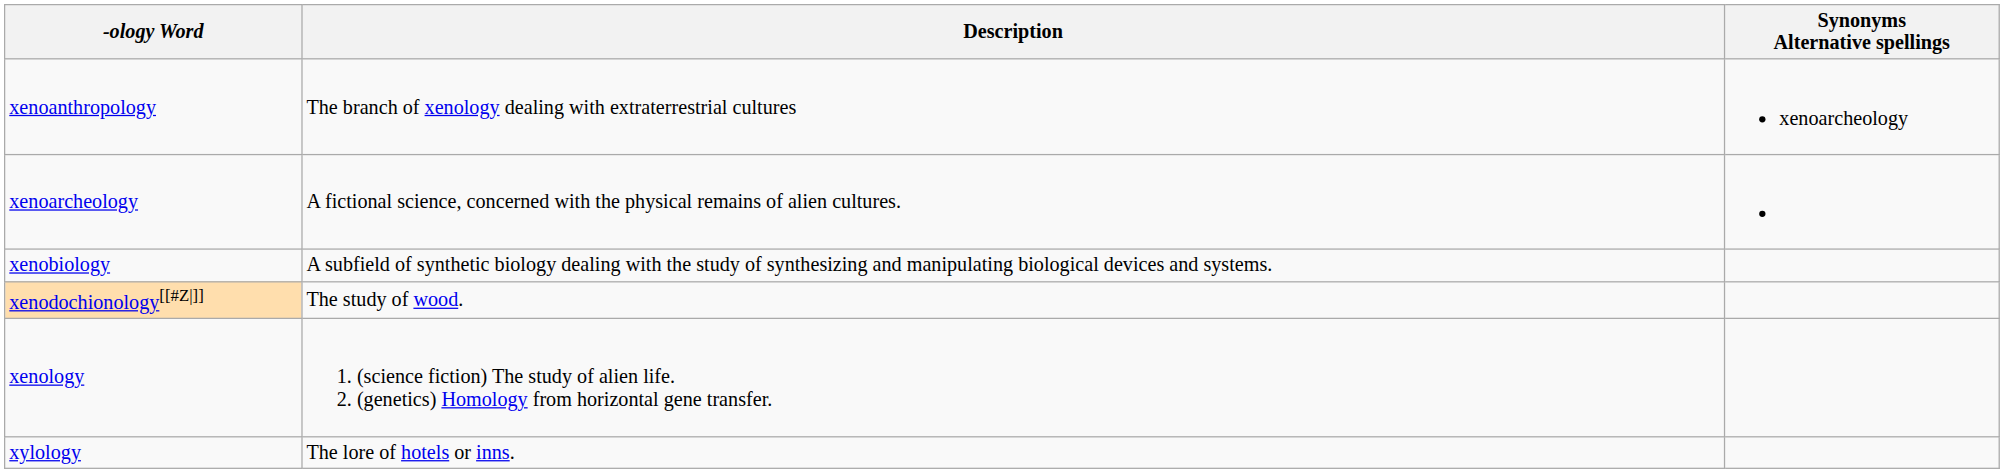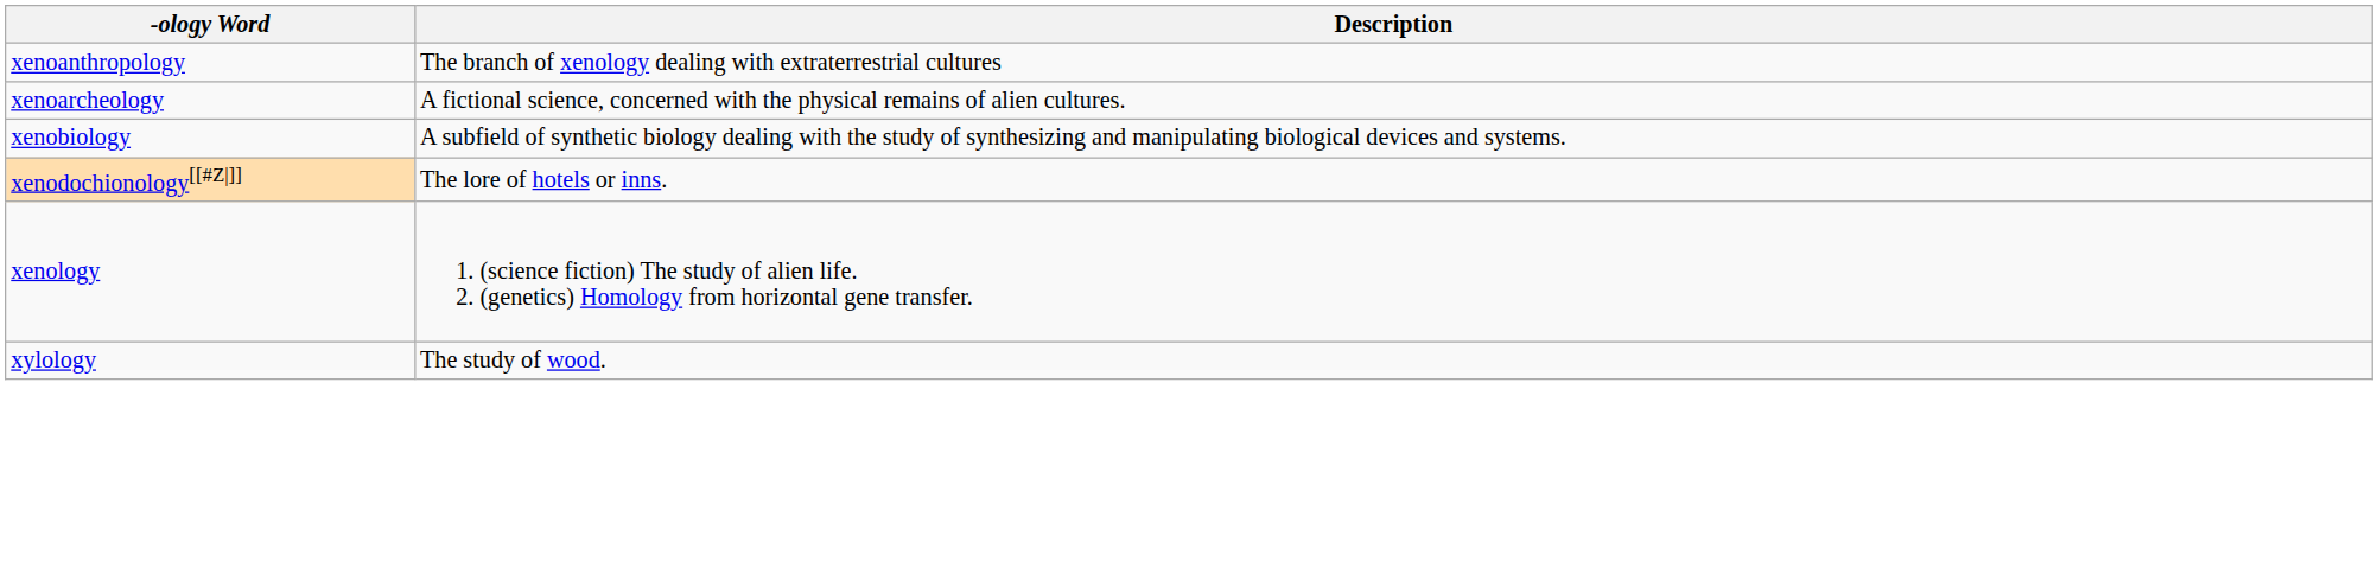 <table class="wikitable" style="width:100%;">
 <tr>
 <th><em>-ology Word</em></th>
 <th>Description</th>
-<th>Synonyms<br>Alternative spellings</th>
 </tr>
 <tr>
 <td><a href='#'>xenoanthropology</a></td>
 <td>The branch of <a href='#'>xenology</a> dealing with extraterrestrial cultures</td>
-<td><br><ul><li>xenoarcheology</li></ul></td>
 </tr>
 <tr>
 <td><a href='#'>xenoarcheology</a></td>
 <td>A fictional science, concerned with the physical remains of alien cultures.</td>
-<td><br><ul><li></li></ul></td>
 </tr>
 <tr>
 <td><a href='#'>xenobiology</a></td>
 <td>A subfield of synthetic biology dealing with the study of synthesizing and manipulating biological devices and systems.</td>
-<td></td>
 </tr>
 <tr>
 <td style="background: #ffdead"><a href='#'>xenodochionology</a><sup>[[#Z|]]</sup></td>
-<td>The study of <a href='#'>wood</a>.</td>
-<td></td>
+<td>The lore of <a href='#'>hotels</a> or <a href='#'>inns</a>.</td>
 </tr>
 <tr>
 <td><a href='#'>xenology</a></td>
 <td><br><ol><li>(science fiction) The study of alien life.</li><li>(genetics) <a href='#'>Homology</a> from horizontal gene transfer.</li></ol></td>
-<td></td>
 </tr>
 <tr>
 <td><a href='#'>xylology</a></td>
-<td>The lore of <a href='#'>hotels</a> or <a href='#'>inns</a>.</td>
-<td></td>
+<td>The study of <a href='#'>wood</a>.</td>
 </tr>
 </table>
